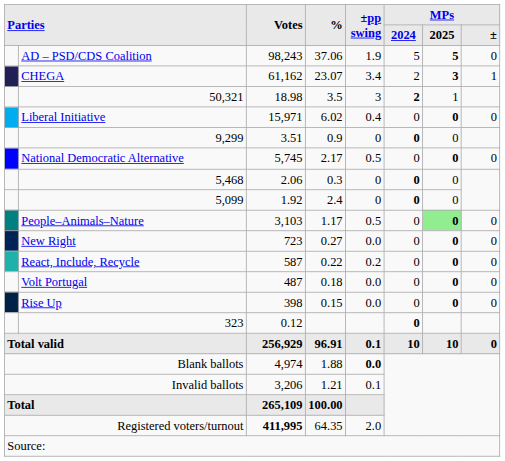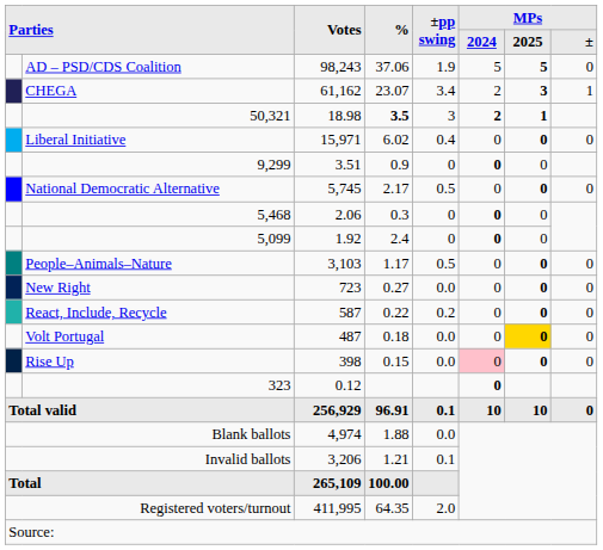 <table class="wikitable" style="text-align:right; font-size:95%;">
 <tr>
 <th rowspan="2" colspan="2" style="background:#e9e9e9; text-align:left;" alignleft><a href='#'>Parties</a></th>
 <th rowspan="2" style="background:#e9e9e9; text-align:right;">Votes</th>
 <th rowspan="2" style="background:#e9e9e9; text-align:right;">%</th>
 <th rowspan="2" style="background:#e9e9e9; text-align:right;">±<a href='#'>pp</a> <a href='#'>swing</a></th>
 <th colspan="3" style="background:#e9e9e9; text-align:center;"><a href='#'>MPs</a></th>
 </tr>
 <tr style="background-color:#E9E9E9">
 <th style="background-color:#E9E9E9;text-align:center;"><a href='#'>2024</a></th>
 <th style="background-color:#E9E9E9;text-align:center;">2025</th>
 <th style="background:#e9e9e9; text-align:right;">±</th>
 </tr>
 <tr>
 <td style="width: 10px" bgcolor=></td>
 <td align="left"><a href='#'>AD – PSD/CDS Coalition</a> </td>
 <td>98,243</td>
 <td>37.06</td>
 <td>1.9</td>
 <td>5</td>
 <td><strong>5</strong></td>
 <td>0</td>
 </tr>
 <tr>
 <td style="width: 10px" bgcolor="#202056" align="center"></td>
 <td align="left"><a href='#'>CHEGA</a></td>
 <td>61,162</td>
 <td>23.07</td>
 <td>3.4</td>
 <td>2</td>
 <td><strong>3</strong></td>
 <td>1</td>
 </tr>
 <tr>
 <td></td>
 <td>50,321</td>
 <td>18.98</td>
-<td>3.5</td>
+<td><strong>3.5</strong></td>
 <td>3</td>
 <td><strong>2</strong></td>
-<td>1</td>
+<td><strong>1</strong></td>
 </tr>
 <tr>
 <td style="width: 10px" bgcolor="#00ADEF" align="center"></td>
 <td align="left"><a href='#'>Liberal Initiative</a></td>
 <td>15,971</td>
 <td>6.02</td>
 <td>0.4</td>
 <td>0</td>
 <td><strong>0</strong></td>
 <td>0</td>
 </tr>
 <tr>
 <td></td>
 <td>9,299</td>
 <td>3.51</td>
 <td>0.9</td>
 <td>0</td>
 <td><strong>0</strong></td>
 <td>0</td>
 </tr>
 <tr>
 <td style="width: 10px" bgcolor="blue" align="center"></td>
 <td align="left"><a href='#'>National Democratic Alternative</a></td>
 <td>5,745</td>
 <td>2.17</td>
 <td>0.5</td>
 <td>0</td>
 <td><strong>0</strong></td>
 <td>0</td>
 </tr>
 <tr>
 <td></td>
 <td>5,468</td>
 <td>2.06</td>
 <td>0.3</td>
 <td>0</td>
 <td><strong>0</strong></td>
 <td>0</td>
 </tr>
 <tr>
 <td></td>
 <td>5,099</td>
 <td>1.92</td>
 <td>2.4</td>
 <td>0</td>
 <td><strong>0</strong></td>
 <td>0</td>
 </tr>
 <tr>
 <td style="width: 10px" bgcolor="teal" align="center"></td>
 <td align="left"><a href='#'>People–Animals–Nature</a></td>
 <td>3,103</td>
 <td>1.17</td>
 <td>0.5</td>
 <td>0</td>
-<td style="background: lightgreen;"><strong>0</strong></td>
+<td><strong>0</strong></td>
 <td>0</td>
 </tr>
 <tr>
 <td style="width: 10px" bgcolor="#012257" align="center"></td>
 <td align="left"><a href='#'>New Right</a></td>
 <td>723</td>
 <td>0.27</td>
 <td>0.0</td>
 <td>0</td>
 <td><strong>0</strong></td>
 <td>0</td>
 </tr>
 <tr>
 <td style="width: 10px" bgcolor="LightSeaGreen" align="center"></td>
 <td align="left"><a href='#'>React, Include, Recycle</a></td>
 <td>587</td>
 <td>0.22</td>
 <td>0.2</td>
 <td>0</td>
 <td><strong>0</strong></td>
 <td>0</td>
 </tr>
 <tr>
 <td style="width: 10px"></td>
 <td align="left"><a href='#'>Volt Portugal</a></td>
 <td>487</td>
 <td>0.18</td>
 <td>0.0</td>
 <td>0</td>
-<td><strong>0</strong></td>
+<td style="background: gold;"><strong>0</strong></td>
 <td>0</td>
 </tr>
 <tr>
 <td style="width: 10px" bgcolor="#002147" align="center"></td>
 <td align="left"><a href='#'>Rise Up</a></td>
 <td>398</td>
 <td>0.15</td>
 <td>0.0</td>
-<td>0</td>
+<td style="background: pink;">0</td>
 <td><strong>0</strong></td>
 <td>0</td>
 </tr>
 <tr>
 <td></td>
 <td>323</td>
 <td>0.12</td>
 <td></td>
 <td></td>
 <td><strong>0</strong></td>
 <td></td>
 </tr>
 <tr>
 <td colspan=2 width="288" align=left style="background-color:#E9E9E9"><strong>Total valid</strong></td>
 <td width="65" align="right" style="background-color:#E9E9E9"><strong>256,929</strong></td>
 <td width="40" align="right" style="background-color:#E9E9E9"><strong>96.91</strong></td>
 <td width="40" align="right" style="background-color:#E9E9E9"><strong>0.1</strong></td>
 <td width="40" align="right" style="background-color:#E9E9E9"><strong>10</strong></td>
 <td width="40" align="right" style="background-color:#E9E9E9"><strong>10</strong></td>
 <td width="40" align="right" style="background-color:#E9E9E9"><strong>0</strong></td>
 </tr>
 <tr>
 <td colspan=2>Blank ballots</td>
 <td>4,974</td>
 <td>1.88</td>
-<td><strong>0.0</strong></td>
+<td>0.0</td>
 <td colspan=3 rowspan=4></td>
 </tr>
 <tr>
 <td colspan=2>Invalid ballots</td>
 <td>3,206</td>
 <td>1.21</td>
 <td>0.1</td>
 </tr>
 <tr>
 <td colspan=2 align=left style="background-color:#E9E9E9"><strong>Total</strong></td>
 <td width="50" align="right" style="background-color:#E9E9E9"><strong>265,109</strong></td>
 <td width="40" align="right" style="background-color:#E9E9E9"><strong>100.00</strong></td>
 <td width="40" align="right" style="background-color:#E9E9E9"></td>
 </tr>
 <tr>
 <td colspan=2>Registered voters/turnout</td>
-<td><strong>411,995</strong></td>
+<td>411,995</td>
 <td>64.35</td>
 <td>2.0</td>
 </tr>
 <tr>
 <td colspan=8 align=left>Source: </td>
 </tr>
 </table>
